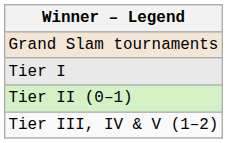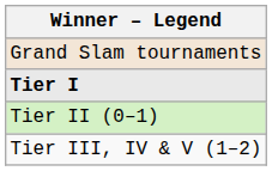 <table class=wikitable style="font-size:90%">
 <tr>
 <th>Winner – Legend</th>
 </tr>
 <tr>
 <td bgcolor="#f3e6d7">Grand Slam tournaments</td>
 </tr>
 <tr>
-<td bgcolor="#e9e9e9">Tier I</td>
+<td bgcolor="#e9e9e9"><strong>Tier I</strong></td>
 </tr>
 <tr>
 <td bgcolor="#d4f1c5">Tier II (0–1)</td>
 </tr>
 <tr>
 <td>Tier III, IV & V (1–2)</td>
 </tr>
 </table>
